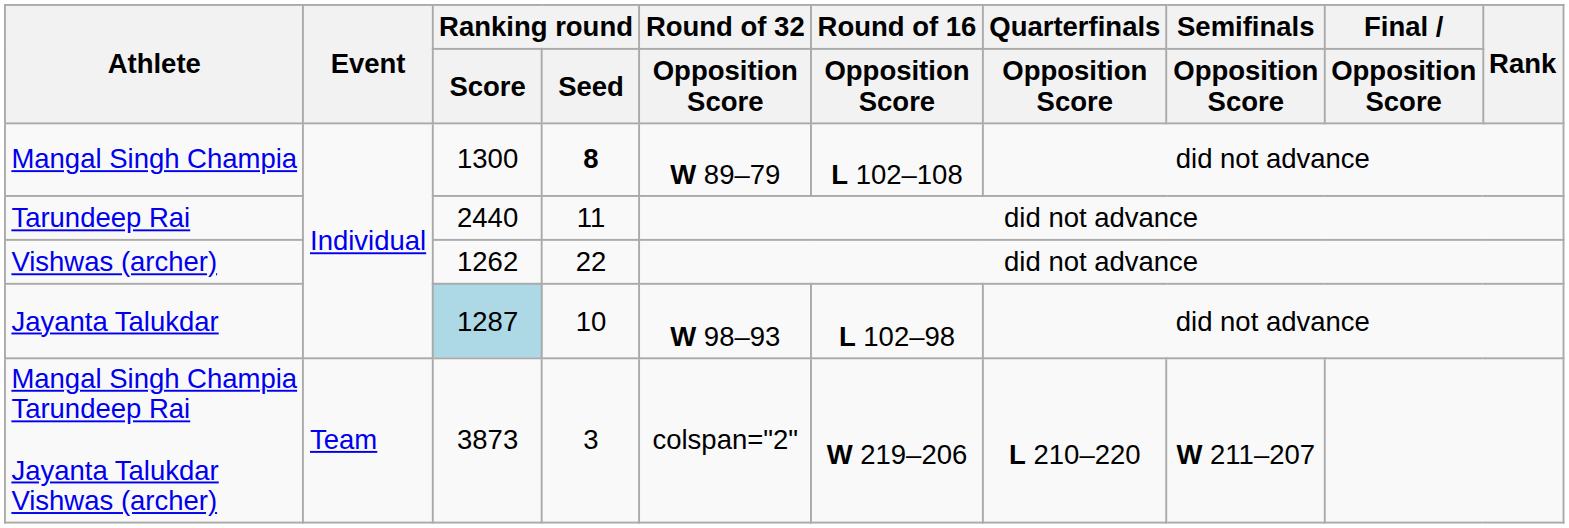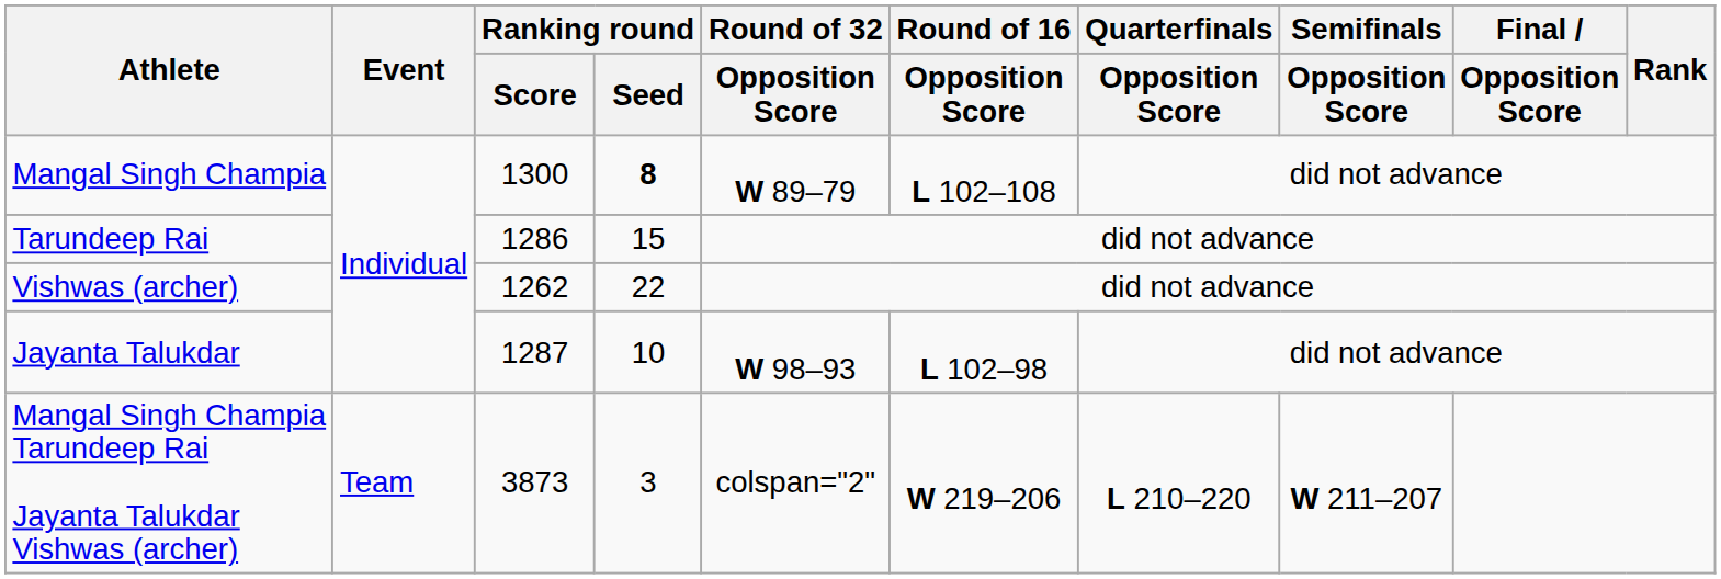 <table class="wikitable" style="text-align:center; font-size:90%">
 <tr>
 <th rowspan=2>Athlete</th>
 <th rowspan=2>Event</th>
 <th colspan=2>Ranking round</th>
 <th>Round of 32</th>
 <th>Round of 16</th>
 <th>Quarterfinals</th>
 <th>Semifinals</th>
 <th>Final / </th>
 <th rowspan=2>Rank</th>
 </tr>
 <tr>
 <th>Score</th>
 <th>Seed</th>
 <th>Opposition<br>Score</th>
 <th>Opposition<br>Score</th>
 <th>Opposition<br>Score</th>
 <th>Opposition<br>Score</th>
 <th>Opposition<br>Score</th>
 </tr>
 <tr>
 <td style="text-align:left"><a href='#'>Mangal Singh Champia</a></td>
 <td style="text-align:left" rowspan=4><a href='#'>Individual</a></td>
 <td>1300</td>
 <td><strong>8</strong></td>
 <td><br><strong>W</strong> 89–79</td>
 <td><br><strong>L</strong> 102–108</td>
 <td colspan=5>did not advance</td>
 </tr>
 <tr>
 <td style="text-align:left"><a href='#'>Tarundeep Rai</a></td>
-<td>2440</td>
-<td>11</td>
+<td>1286</td>
+<td>15</td>
 <td colspan=7>did not advance</td>
 </tr>
 <tr>
 <td style="text-align:left"><a href='#'>Vishwas (archer)</a></td>
 <td>1262</td>
 <td>22</td>
 <td colspan=7>did not advance</td>
 </tr>
 <tr>
 <td style="text-align:left"><a href='#'>Jayanta Talukdar</a></td>
-<td style="background: lightblue;">1287</td>
+<td>1287</td>
 <td>10</td>
 <td><br><strong>W</strong> 98–93</td>
 <td><br><strong>L</strong> 102–98</td>
 <td colspan=4>did not advance</td>
 </tr>
 <tr>
 <td style="text-align:left"><a href='#'>Mangal Singh Champia</a><br><a href='#'>Tarundeep Rai</a><br><br><a href='#'>Jayanta Talukdar</a><br><a href='#'>Vishwas (archer)</a></td>
 <td style="text-align:left"><a href='#'>Team</a></td>
 <td>3873</td>
 <td>3</td>
 <td>colspan="2" </td>
 <td><br><strong>W</strong> 219–206</td>
 <td><br><strong>L</strong> 210–220</td>
 <td><br><strong>W</strong> 211–207</td>
 <td colspan=4></td>
 </tr>
 </table>
